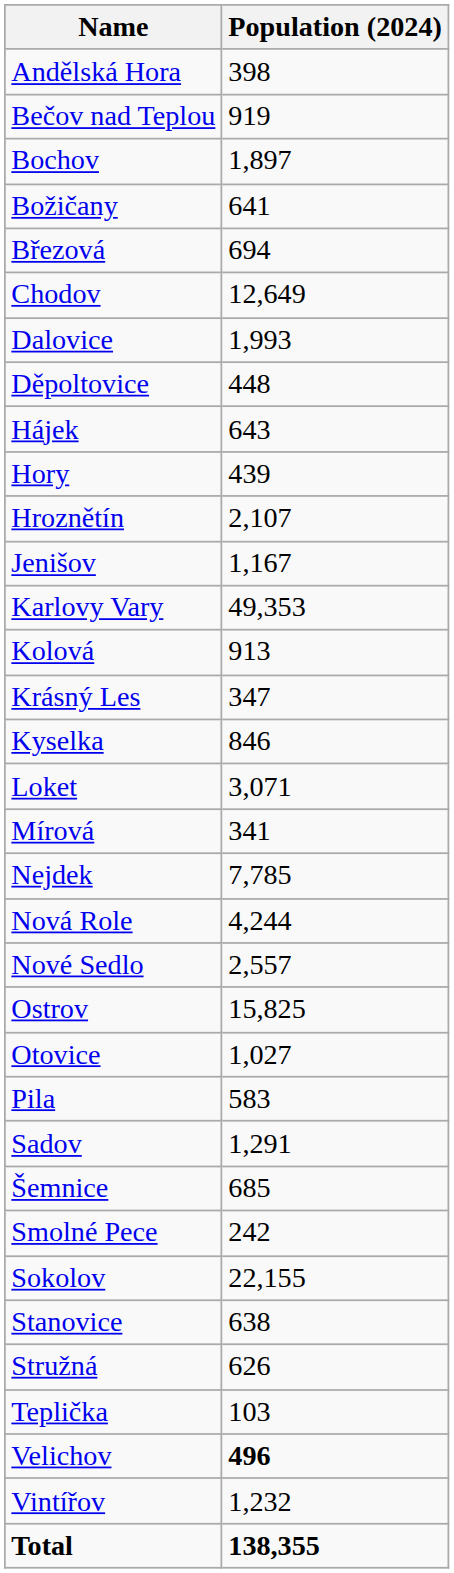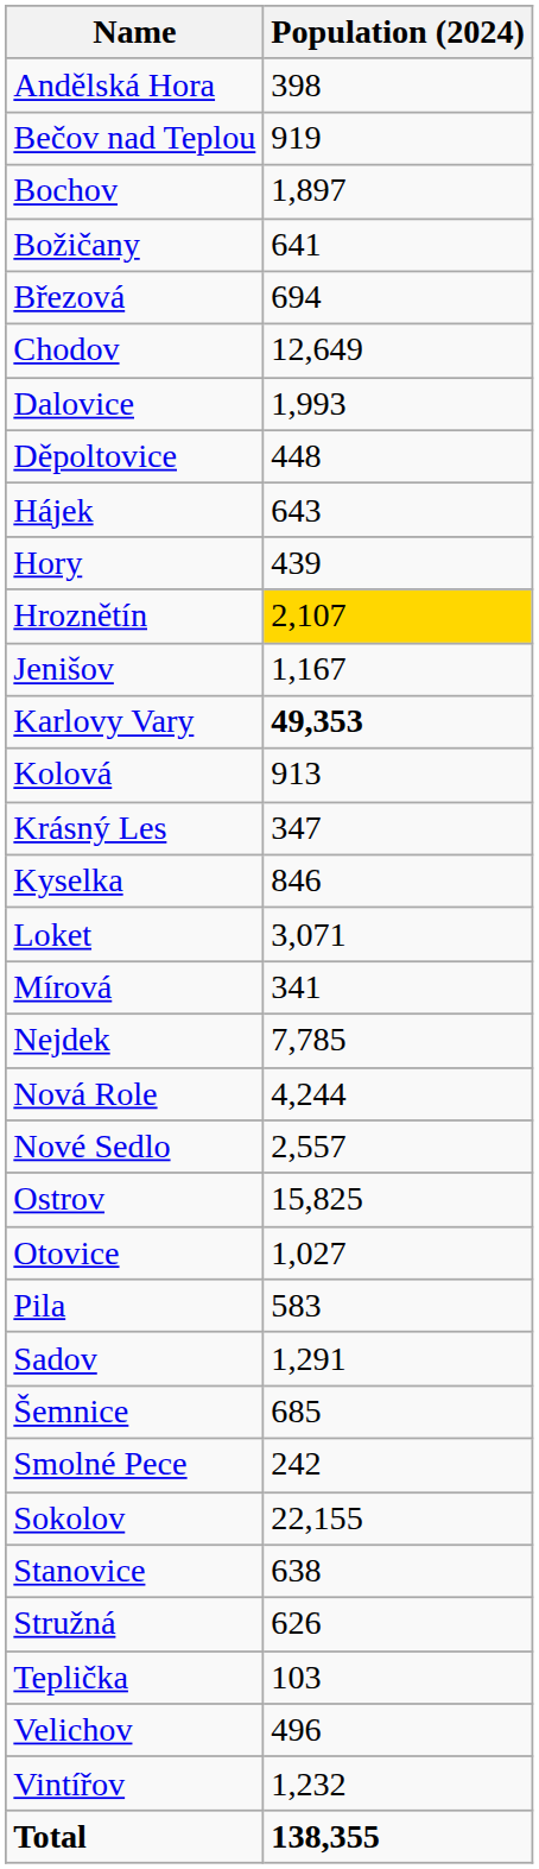 <table class="wikitable sortable collapsible collapsed">
 <tr>
 <th>Name</th>
 <th>Population (2024)</th>
 </tr>
 <tr>
 <td><a href='#'>Andělská Hora</a></td>
 <td>398</td>
 </tr>
 <tr>
 <td><a href='#'>Bečov nad Teplou</a></td>
 <td>919</td>
 </tr>
 <tr>
 <td><a href='#'>Bochov</a></td>
 <td>1,897</td>
 </tr>
 <tr>
 <td><a href='#'>Božičany</a></td>
 <td>641</td>
 </tr>
 <tr>
 <td><a href='#'>Březová</a></td>
 <td>694</td>
 </tr>
 <tr>
 <td><a href='#'>Chodov</a></td>
 <td>12,649</td>
 </tr>
 <tr>
 <td><a href='#'>Dalovice</a></td>
 <td>1,993</td>
 </tr>
 <tr>
 <td><a href='#'>Děpoltovice</a></td>
 <td>448</td>
 </tr>
 <tr>
 <td><a href='#'>Hájek</a></td>
 <td>643</td>
 </tr>
 <tr>
 <td><a href='#'>Hory</a></td>
 <td>439</td>
 </tr>
 <tr>
 <td><a href='#'>Hroznětín</a></td>
-<td>2,107</td>
+<td style="background: gold;">2,107</td>
 </tr>
 <tr>
 <td><a href='#'>Jenišov</a></td>
 <td>1,167</td>
 </tr>
 <tr>
 <td><a href='#'>Karlovy Vary</a></td>
-<td>49,353</td>
+<td><strong>49,353</strong></td>
 </tr>
 <tr>
 <td><a href='#'>Kolová</a></td>
 <td>913</td>
 </tr>
 <tr>
 <td><a href='#'>Krásný Les</a></td>
 <td>347</td>
 </tr>
 <tr>
 <td><a href='#'>Kyselka</a></td>
 <td>846</td>
 </tr>
 <tr>
 <td><a href='#'>Loket</a></td>
 <td>3,071</td>
 </tr>
 <tr>
 <td><a href='#'>Mírová</a></td>
 <td>341</td>
 </tr>
 <tr>
 <td><a href='#'>Nejdek</a></td>
 <td>7,785</td>
 </tr>
 <tr>
 <td><a href='#'>Nová Role</a></td>
 <td>4,244</td>
 </tr>
 <tr>
 <td><a href='#'>Nové Sedlo</a></td>
 <td>2,557</td>
 </tr>
 <tr>
 <td><a href='#'>Ostrov</a></td>
 <td>15,825</td>
 </tr>
 <tr>
 <td><a href='#'>Otovice</a></td>
 <td>1,027</td>
 </tr>
 <tr>
 <td><a href='#'>Pila</a></td>
 <td>583</td>
 </tr>
 <tr>
 <td><a href='#'>Sadov</a></td>
 <td>1,291</td>
 </tr>
 <tr>
 <td><a href='#'>Šemnice</a></td>
 <td>685</td>
 </tr>
 <tr>
 <td><a href='#'>Smolné Pece</a></td>
 <td>242</td>
 </tr>
 <tr>
 <td><a href='#'>Sokolov</a></td>
 <td>22,155</td>
 </tr>
 <tr>
 <td><a href='#'>Stanovice</a></td>
 <td>638</td>
 </tr>
 <tr>
 <td><a href='#'>Stružná</a></td>
 <td>626</td>
 </tr>
 <tr>
 <td><a href='#'>Teplička</a></td>
 <td>103</td>
 </tr>
 <tr>
 <td><a href='#'>Velichov</a></td>
-<td><strong>496</strong></td>
+<td>496</td>
 </tr>
 <tr>
 <td><a href='#'>Vintířov</a></td>
 <td>1,232</td>
 </tr>
 <tr>
 <td><strong>Total</strong></td>
 <td><strong>138,355</strong></td>
 </tr>
 </table>
